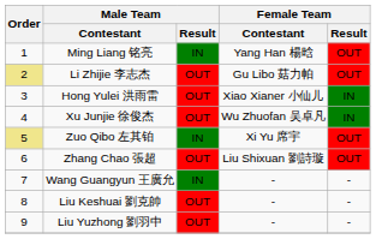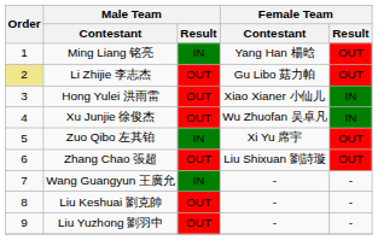 <table class="wikitable" style="text-align:center">
 <tr>
 <th rowspan="2">Order</th>
 <th colspan="2">Male Team</th>
 <th colspan="2">Female Team</th>
 </tr>
 <tr>
 <th>Contestant</th>
 <th>Result</th>
 <th>Contestant</th>
 <th>Result</th>
 </tr>
 <tr>
 <td>1</td>
 <td>Ming Liang 铭亮</td>
 <td style="background:green; ">IN</td>
 <td>Yang Han 楊晗</td>
 <td style="background:red; ">OUT</td>
 </tr>
 <tr>
 <td style="background: khaki;">2</td>
 <td>Li Zhijie 李志杰</td>
 <td style="background:red; ">OUT</td>
 <td>Gu Libo 菇力帕</td>
 <td style="background:red; ">OUT</td>
 </tr>
 <tr>
 <td>3</td>
 <td>Hong Yulei  洪雨雷</td>
 <td style="background:red; ">OUT</td>
 <td>Xiao Xianer 小仙儿</td>
 <td style="background:green; ">IN</td>
 </tr>
 <tr>
 <td>4</td>
 <td>Xu Junjie 徐俊杰</td>
 <td style="background:red; ">OUT</td>
 <td>Wu Zhuofan 吴卓凡</td>
 <td style="background:green; ">IN</td>
 </tr>
 <tr>
-<td style="background: khaki;">5</td>
+<td>5</td>
 <td>Zuo Qibo 左其铂</td>
 <td style="background:green; ">IN</td>
 <td>Xi Yu 席宇</td>
 <td style="background:red; ">OUT</td>
 </tr>
 <tr>
 <td>6</td>
 <td>Zhang Chao 張超</td>
 <td style="background:red; ">OUT</td>
 <td>Liu Shixuan  劉詩璇</td>
 <td style="background:red; ">OUT</td>
 </tr>
 <tr>
 <td>7</td>
 <td>Wang Guangyun 王廣允</td>
 <td style="background:green; ">IN</td>
 <td>-</td>
 <td>-</td>
 </tr>
 <tr>
 <td>8</td>
 <td>Liu Keshuai 劉克帥</td>
 <td style="background:red; ">OUT</td>
 <td>-</td>
 <td>-</td>
 </tr>
 <tr>
 <td>9</td>
 <td>Liu Yuzhong 劉羽中</td>
 <td style="background:red; ">OUT</td>
 <td>-</td>
 <td>-</td>
 </tr>
 <tr>
 </tr>
 </table>
